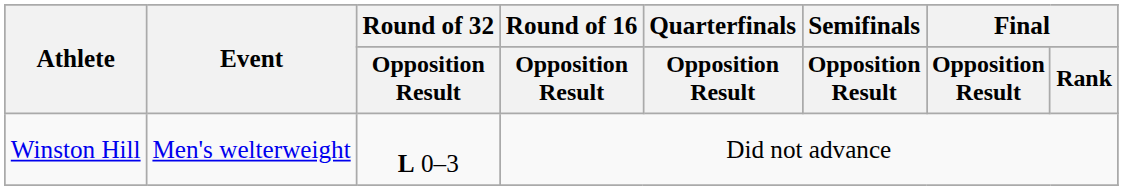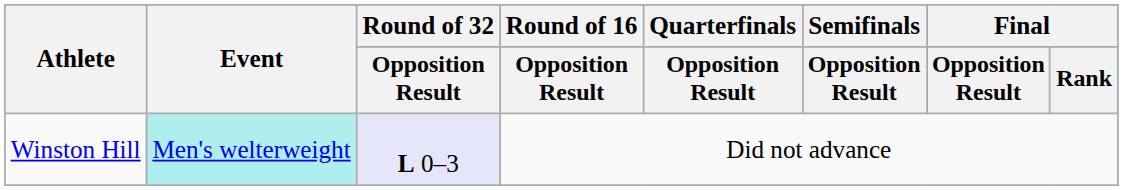 <table class="wikitable" style="font-size:90%">
 <tr>
 <th rowspan=2>Athlete</th>
 <th rowspan=2>Event</th>
 <th>Round of 32</th>
 <th>Round of 16</th>
 <th>Quarterfinals</th>
 <th>Semifinals</th>
 <th colspan=2>Final</th>
 </tr>
 <tr style="font-size:95%">
 <th>Opposition<br>Result</th>
 <th>Opposition<br>Result</th>
 <th>Opposition<br>Result</th>
 <th>Opposition<br>Result</th>
 <th>Opposition<br>Result</th>
 <th>Rank</th>
 </tr>
 <tr align=center>
 <td align=left><a href='#'>Winston Hill</a></td>
-<td align=left><a href='#'>Men's welterweight</a></td>
-<td><br> <strong>L</strong> 0–3</td>
+<td align=left style="background: paleturquoise;"><a href='#'>Men's welterweight</a></td>
+<td style="background: lavender;"><br> <strong>L</strong> 0–3</td>
 <td colspan=5>Did not advance</td>
 </tr>
 </table>
